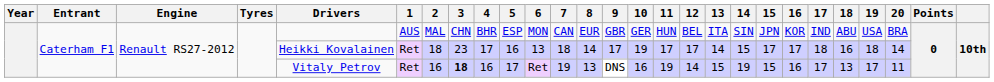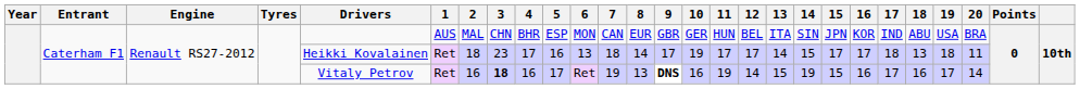 <table class="wikitable" style="text-align:center; font-size:95%">
 <tr>
 <th>Year</th>
 <th>Entrant</th>
 <th>Engine</th>
 <th>Tyres</th>
 <th>Drivers</th>
 <th>1</th>
 <th>2</th>
 <th>3</th>
 <th>4</th>
 <th>5</th>
 <th>6</th>
 <th>7</th>
 <th>8</th>
 <th>9</th>
 <th>10</th>
 <th>11</th>
 <th>12</th>
 <th>13</th>
 <th>14</th>
 <th>15</th>
 <th>16</th>
 <th>17</th>
 <th>18</th>
 <th>19</th>
 <th>20</th>
 <th>Points</th>
 <th></th>
 </tr>
 <tr>
 <th rowspan=3></th>
 <td rowspan=3><a href='#'>Caterham F1</a></td>
 <td rowspan=3><a href='#'>Renault</a> RS27-2012</td>
 <td rowspan=3></td>
 <td></td>
 <td><a href='#'>AUS</a></td>
 <td><a href='#'>MAL</a></td>
 <td><a href='#'>CHN</a></td>
 <td><a href='#'>BHR</a></td>
 <td><a href='#'>ESP</a></td>
 <td><a href='#'>MON</a></td>
 <td><a href='#'>CAN</a></td>
 <td><a href='#'>EUR</a></td>
 <td><a href='#'>GBR</a></td>
 <td><a href='#'>GER</a></td>
 <td><a href='#'>HUN</a></td>
 <td><a href='#'>BEL</a></td>
 <td><a href='#'>ITA</a></td>
 <td><a href='#'>SIN</a></td>
 <td><a href='#'>JPN</a></td>
 <td><a href='#'>KOR</a></td>
 <td><a href='#'>IND</a></td>
 <td><a href='#'>ABU</a></td>
 <td><a href='#'>USA</a></td>
 <td><a href='#'>BRA</a></td>
 <th rowspan="3">0</th>
 <th rowspan="3">10th</th>
 </tr>
 <tr>
 <td><a href='#'>Heikki Kovalainen</a></td>
 <td style="background:#efcfff;">Ret</td>
 <td style="background:#cfcfff;">18</td>
 <td style="background:#cfcfff;">23</td>
 <td style="background:#cfcfff;">17</td>
 <td style="background:#cfcfff;">16</td>
 <td style="background:#cfcfff;">13</td>
 <td style="background:#cfcfff;">18</td>
 <td style="background:#cfcfff;">14</td>
 <td style="background:#cfcfff;">17</td>
 <td style="background:#cfcfff;">19</td>
 <td style="background:#cfcfff;">17</td>
 <td style="background:#cfcfff;">17</td>
 <td style="background:#cfcfff;">14</td>
 <td style="background:#cfcfff;">15</td>
 <td style="background:#cfcfff;">17</td>
 <td style="background:#cfcfff;">17</td>
 <td style="background:#cfcfff;">18</td>
-<td style="background:#cfcfff;">16</td>
+<td style="background:#cfcfff;">13</td>
 <td style="background:#cfcfff;">18</td>
-<td style="background:#cfcfff;">14</td>
+<td style="background:#cfcfff;">11</td>
 </tr>
 <tr>
 <td><a href='#'>Vitaly Petrov</a></td>
 <td style="background:#efcfff;">Ret</td>
 <td style="background:#cfcfff;">16</td>
 <td style="background:#cfcfff;"><strong>18</strong></td>
 <td style="background:#cfcfff;">16</td>
 <td style="background:#cfcfff;">17</td>
 <td style="background:#efcfff;">Ret</td>
 <td style="background:#cfcfff;">19</td>
 <td style="background:#cfcfff;">13</td>
-<td style="background:#ffffff;">DNS</td>
+<td style="background:#ffffff;"><strong>DNS</strong></td>
 <td style="background:#cfcfff;">16</td>
 <td style="background:#cfcfff;">19</td>
 <td style="background:#cfcfff;">14</td>
 <td style="background:#cfcfff;">15</td>
 <td style="background:#cfcfff;">19</td>
 <td style="background:#cfcfff;">15</td>
 <td style="background:#cfcfff;">16</td>
 <td style="background:#cfcfff;">17</td>
-<td style="background:#cfcfff;">13</td>
+<td style="background:#cfcfff;">16</td>
 <td style="background:#cfcfff;">17</td>
-<td style="background:#cfcfff;">11</td>
+<td style="background:#cfcfff;">14</td>
 </tr>
 </table>
